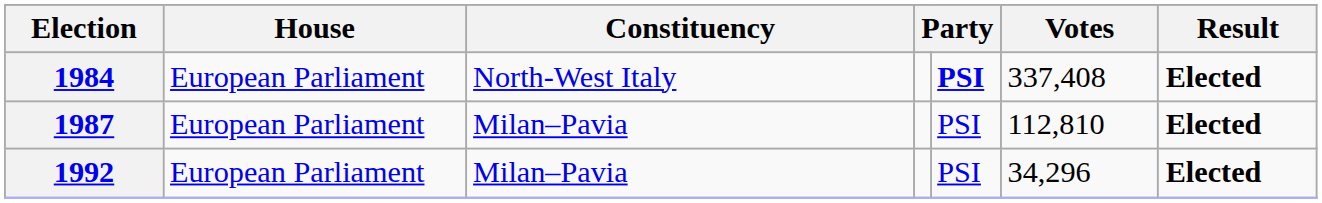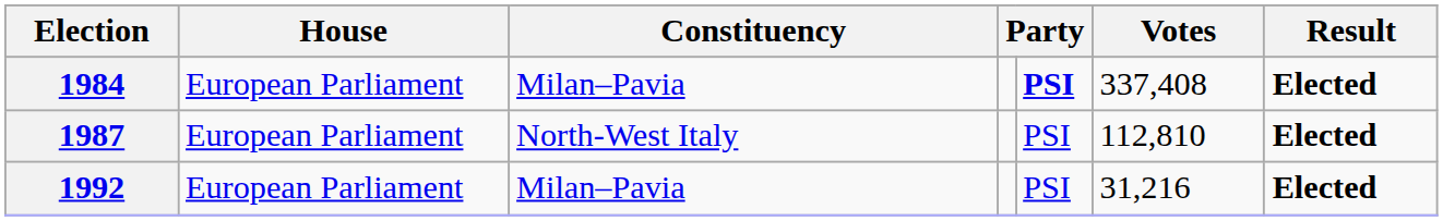 <table class=wikitable style="width:55%; border:1px #AAAAFF solid">
 <tr>
 <th width=12%>Election</th>
 <th width=23%>House</th>
 <th width=34%>Constituency</th>
 <th width=5% colspan="2">Party</th>
 <th width=12%>Votes</th>
 <th width=12%>Result</th>
 </tr>
 <tr>
 <th><a href='#'>1984</a></th>
 <td><a href='#'>European Parliament</a></td>
-<td><a href='#'>North-West Italy</a></td>
+<td><a href='#'>Milan–Pavia</a></td>
 <td></td>
 <td><strong><a href='#'>PSI</a></strong></td>
 <td>337,408</td>
 <td> <strong>Elected</strong></td>
 </tr>
 <tr>
 <th><a href='#'>1987</a></th>
 <td><a href='#'>European Parliament</a></td>
-<td><a href='#'>Milan–Pavia</a></td>
+<td><a href='#'>North-West Italy</a></td>
 <td></td>
 <td><a href='#'>PSI</a></td>
 <td>112,810</td>
 <td> <strong>Elected</strong></td>
 </tr>
 <tr>
 <th><a href='#'>1992</a></th>
 <td><a href='#'>European Parliament</a></td>
 <td><a href='#'>Milan–Pavia</a></td>
 <td></td>
 <td><a href='#'>PSI</a></td>
-<td>34,296</td>
+<td>31,216</td>
 <td> <strong>Elected</strong></td>
 </tr>
 <tr>
 </tr>
 </table>
